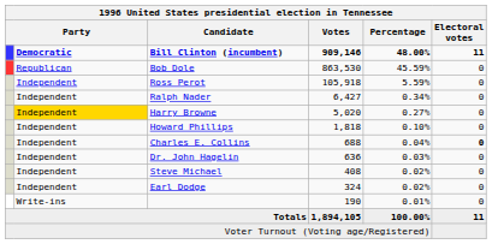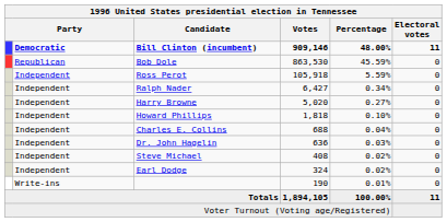 <table class="wikitable" style="font-size: 95%;">
 <tr>
 <th colspan="7">1996 United States presidential election in Tennessee</th>
 </tr>
 <tr>
 <th colspan="2" style="width: 15em">Party</th>
 <th style="width: 17em">Candidate</th>
 <th style="width: 5em">Votes</th>
 <th style="width: 7em">Percentage</th>
 <th style="width: 5em">Electoral votes</th>
 </tr>
 <tr>
 <th style="background-color:#3333FF; width: 3px"></th>
 <td style="width: 130px"><strong><a href='#'>Democratic</a></strong></td>
 <td><strong><a href='#'>Bill Clinton</a> (<a href='#'>incumbent</a>)</strong></td>
 <td align="right"><strong>909,146</strong></td>
 <td align="right"><strong>48.00%</strong></td>
 <td align="right"><strong>11</strong></td>
 </tr>
 <tr>
 <th style="background-color:#FF3333; width: 3px"></th>
 <td style="width: 130px"><a href='#'>Republican</a></td>
 <td><a href='#'>Bob Dole</a></td>
 <td align="right">863,530</td>
 <td align="right">45.59%</td>
 <td align="right">0</td>
 </tr>
 <tr>
 <th style="background-color:#DDDDCC; width: 3px"></th>
 <td style="width: 130px"><a href='#'>Independent</a></td>
 <td><a href='#'>Ross Perot</a></td>
 <td align="right">105,918</td>
 <td align="right">5.59%</td>
 <td align="right">0</td>
 </tr>
 <tr>
 <th style="background-color:#DDDDCC; width: 3px"></th>
 <td style="width: 130px">Independent</td>
 <td><a href='#'>Ralph Nader</a></td>
 <td align="right">6,427</td>
 <td align="right">0.34%</td>
 <td align="right">0</td>
 </tr>
 <tr>
 <th style="background-color:#DDDDCC; width: 3px"></th>
-<td style="background: gold; width: 130px">Independent</td>
+<td style="width: 130px">Independent</td>
 <td><a href='#'>Harry Browne</a></td>
 <td align="right">5,020</td>
 <td align="right">0.27%</td>
 <td align="right">0</td>
 </tr>
 <tr>
 <th style="background-color:#DDDDCC; width: 3px"></th>
 <td style="width: 130px">Independent</td>
 <td><a href='#'>Howard Phillips</a></td>
 <td align="right">1,818</td>
 <td align="right">0.10%</td>
 <td align="right">0</td>
 </tr>
 <tr>
 <th style="background-color:#DDDDCC; width: 3px"></th>
 <td style="width: 130px">Independent</td>
 <td><a href='#'>Charles E. Collins</a></td>
 <td align="right">688</td>
 <td align="right">0.04%</td>
-<td align="right"><strong>0</strong></td>
+<td align="right">0</td>
 </tr>
 <tr>
 <th style="background-color:#DDDDCC; width: 3px"></th>
 <td style="width: 130px">Independent</td>
 <td><a href='#'>Dr. John Hagelin</a></td>
 <td align="right">636</td>
 <td align="right">0.03%</td>
 <td align="right">0</td>
 </tr>
 <tr>
 <th style="background-color:#DDDDCC; width: 3px"></th>
 <td style="width: 130px">Independent</td>
 <td><a href='#'>Steve Michael</a></td>
 <td align="right">408</td>
 <td align="right">0.02%</td>
 <td align="right">0</td>
 </tr>
 <tr>
 <th style="background-color:#DDDDCC; width: 3px"></th>
 <td style="width: 130px">Independent</td>
 <td><a href='#'>Earl Dodge</a></td>
 <td align="right">324</td>
 <td align="right">0.02%</td>
 <td align="right">0</td>
 </tr>
 <tr>
 <th style="background-color:white; width: 3px"></th>
 <td style="width: 130px">Write-ins</td>
 <td></td>
 <td align="right">190</td>
 <td align="right">0.01%</td>
 <td align="right">0</td>
 </tr>
 <tr bgcolor="#EEEEEE">
 <td colspan="3" align="right"><strong>Totals</strong></td>
 <td align="right"><strong>1,894,105</strong></td>
 <td align="right"><strong>100.00%</strong></td>
 <td align="right"><strong>11</strong></td>
 </tr>
 <tr bgcolor="#EEEEEE">
 <td colspan="5" align="right">Voter Turnout (Voting age/Registered)</td>
 <td colspan="1" align="right"></td>
 </tr>
 </table>
